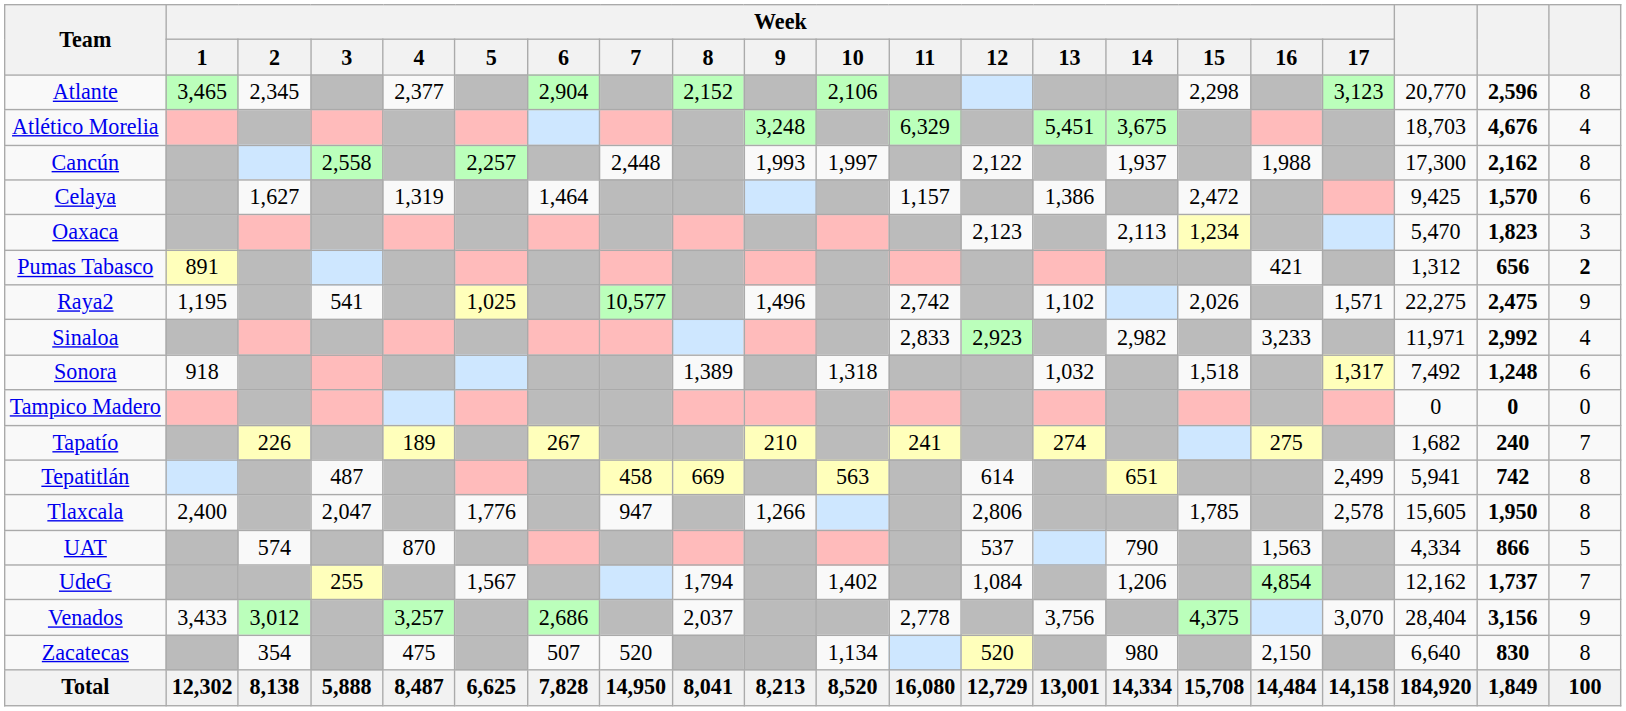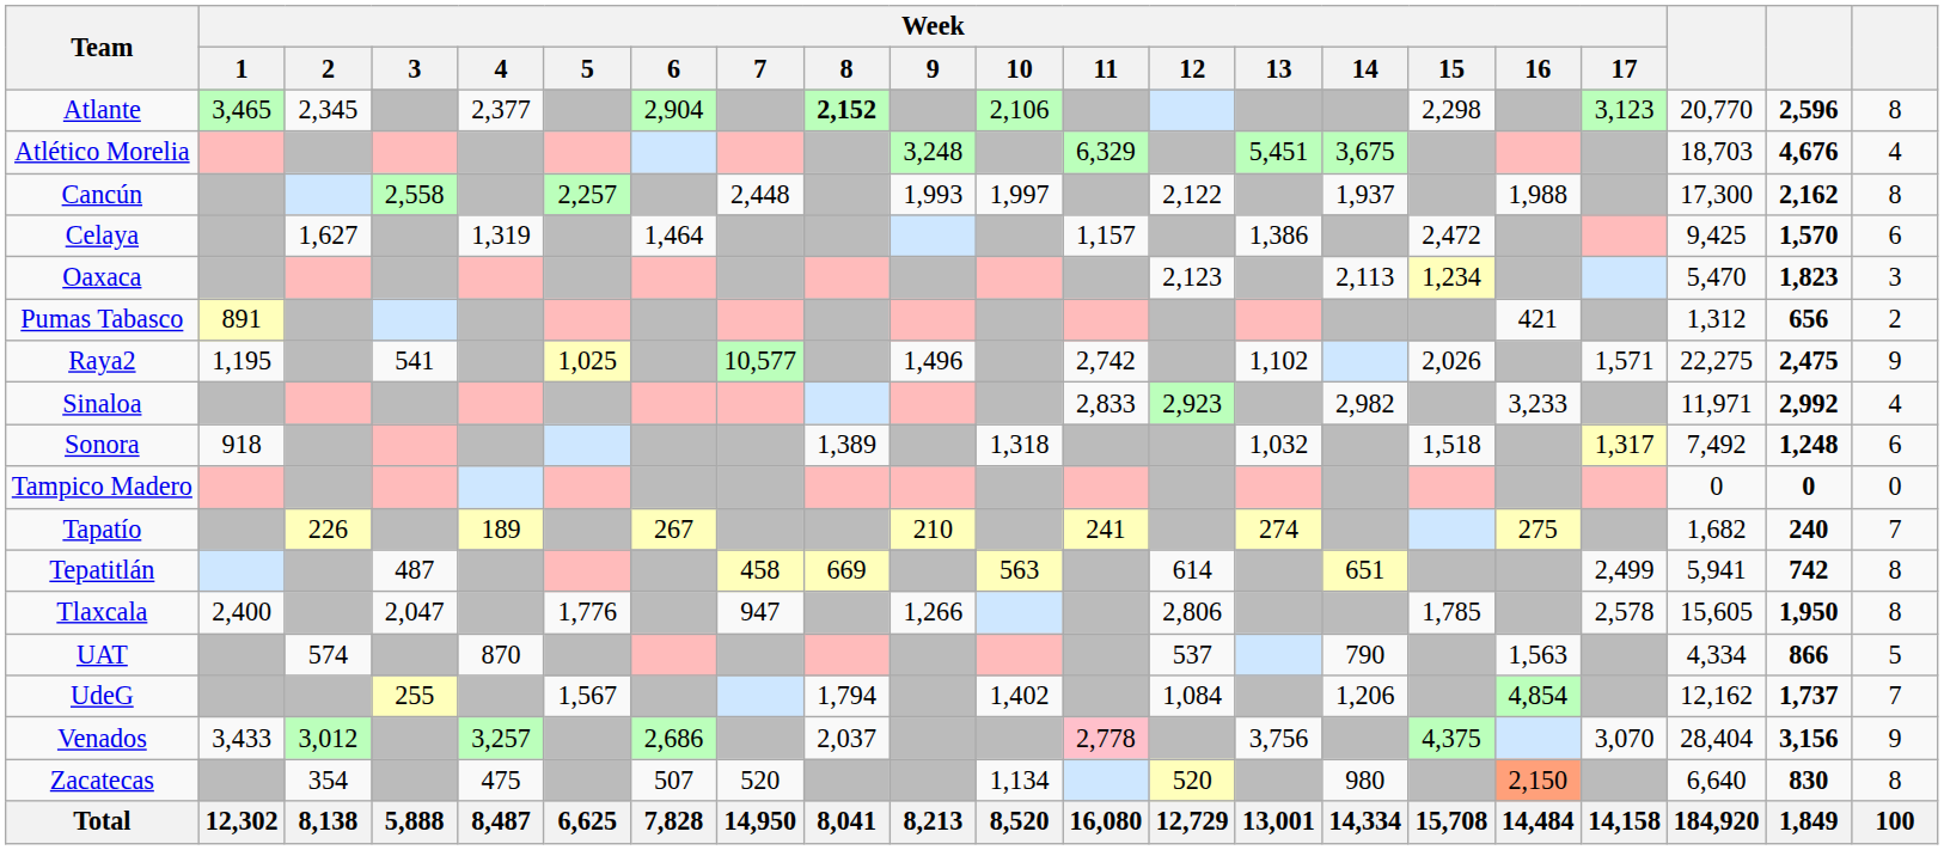 <table class="wikitable" style="text-align:center">
 <tr>
 <th colspan=1 rowspan="2">Team</th>
 <th colspan=17>Week</th>
 <th colspan=1 rowspan="2" width=45></th>
 <th colspan=1 rowspan="2" width=45></th>
 <th colspan=1 rowspan="2" width=45></th>
 </tr>
 <tr>
 <th width=45>1</th>
 <th width=45>2</th>
 <th width=45>3</th>
 <th width=45>4</th>
 <th width=45>5</th>
 <th width=45>6</th>
 <th width=45>7</th>
 <th width=45>8</th>
 <th width=45>9</th>
 <th width=45>10</th>
 <th width=45>11</th>
 <th width=45>12</th>
 <th width=45>13</th>
 <th width=45>14</th>
 <th width=45>15</th>
 <th width=45>16</th>
 <th width=45>17</th>
 </tr>
 <tr>
 <td><a href='#'>Atlante</a></td>
 <td bgcolor=#BBFFBB>3,465</td>
 <td>2,345</td>
 <td bgcolor=#BBBBBB></td>
 <td>2,377</td>
 <td bgcolor=#BBBBBB></td>
 <td bgcolor=#BBFFBB>2,904</td>
 <td bgcolor=#BBBBBB></td>
-<td bgcolor=#BBFFBB>2,152</td>
+<td bgcolor=#BBFFBB><strong>2,152</strong></td>
 <td bgcolor=#BBBBBB></td>
 <td bgcolor=#BBFFBB>2,106</td>
 <td bgcolor=#BBBBBB></td>
 <td bgcolor=#CEE7FF></td>
 <td bgcolor=#BBBBBB></td>
 <td bgcolor=#BBBBBB></td>
 <td>2,298</td>
 <td bgcolor=#BBBBBB></td>
 <td bgcolor=#BBFFBB>3,123</td>
 <td>20,770</td>
 <td><strong>2,596</strong></td>
 <td>8</td>
 </tr>
 <tr>
 <td><a href='#'>Atlético Morelia</a></td>
 <td bgcolor=#FFBBBB></td>
 <td bgcolor=#BBBBBB></td>
 <td bgcolor=#FFBBBB></td>
 <td bgcolor=#BBBBBB></td>
 <td bgcolor=#FFBBBB></td>
 <td bgcolor=#CEE7FF></td>
 <td bgcolor=#FFBBBB></td>
 <td bgcolor=#BBBBBB></td>
 <td bgcolor=#BBFFBB>3,248</td>
 <td bgcolor=#BBBBBB></td>
 <td bgcolor=#BBFFBB>6,329</td>
 <td bgcolor=#BBBBBB></td>
 <td bgcolor=#BBFFBB>5,451</td>
 <td bgcolor=#BBFFBB>3,675</td>
 <td bgcolor=#BBBBBB></td>
 <td bgcolor=#FFBBBB></td>
 <td bgcolor=#BBBBBB></td>
 <td>18,703</td>
 <td><strong>4,676</strong></td>
 <td>4</td>
 </tr>
 <tr>
 <td><a href='#'>Cancún</a></td>
 <td bgcolor=#BBBBBB></td>
 <td bgcolor=#CEE7FF></td>
 <td bgcolor=#BBFFBB>2,558</td>
 <td bgcolor=#BBBBBB></td>
 <td bgcolor=#BBFFBB>2,257</td>
 <td bgcolor=#BBBBBB></td>
 <td>2,448</td>
 <td bgcolor=#BBBBBB></td>
 <td>1,993</td>
 <td>1,997</td>
 <td bgcolor=#BBBBBB></td>
 <td>2,122</td>
 <td bgcolor=#BBBBBB></td>
 <td>1,937</td>
 <td bgcolor=#BBBBBB></td>
 <td>1,988</td>
 <td bgcolor=#BBBBBB></td>
 <td>17,300</td>
 <td><strong>2,162</strong></td>
 <td>8</td>
 </tr>
 <tr>
 <td><a href='#'>Celaya</a></td>
 <td bgcolor=#BBBBBB></td>
 <td>1,627</td>
 <td bgcolor=#BBBBBB></td>
 <td>1,319</td>
 <td bgcolor=#BBBBBB></td>
 <td>1,464</td>
 <td bgcolor=#BBBBBB></td>
 <td bgcolor=#BBBBBB></td>
 <td bgcolor=#CEE7FF></td>
 <td bgcolor=#BBBBBB></td>
 <td>1,157</td>
 <td bgcolor=#BBBBBB></td>
 <td>1,386</td>
 <td bgcolor=#BBBBBB></td>
 <td>2,472</td>
 <td bgcolor=#BBBBBB></td>
 <td bgcolor=#FFBBBB></td>
 <td>9,425</td>
 <td><strong>1,570</strong></td>
 <td>6</td>
 </tr>
 <tr>
 <td><a href='#'>Oaxaca</a></td>
 <td bgcolor=#BBBBBB></td>
 <td bgcolor=#FFBBBB></td>
 <td bgcolor=#BBBBBB></td>
 <td bgcolor=#FFBBBB></td>
 <td bgcolor=#BBBBBB></td>
 <td bgcolor=#FFBBBB></td>
 <td bgcolor=#BBBBBB></td>
 <td bgcolor=#FFBBBB></td>
 <td bgcolor=#BBBBBB></td>
 <td bgcolor=#FFBBBB></td>
 <td bgcolor=#BBBBBB></td>
 <td>2,123</td>
 <td bgcolor=#BBBBBB></td>
 <td>2,113</td>
 <td bgcolor=#FFFFBB>1,234</td>
 <td bgcolor=#BBBBBB></td>
 <td bgcolor=#CEE7FF></td>
 <td>5,470</td>
 <td><strong>1,823</strong></td>
 <td>3</td>
 </tr>
 <tr>
 <td><a href='#'>Pumas Tabasco</a></td>
 <td bgcolor=#FFFFBB>891</td>
 <td bgcolor=#BBBBBB></td>
 <td bgcolor=#CEE7FF></td>
 <td bgcolor=#BBBBBB></td>
 <td bgcolor=#FFBBBB></td>
 <td bgcolor=#BBBBBB></td>
 <td bgcolor=#FFBBBB></td>
 <td bgcolor=#BBBBBB></td>
 <td bgcolor=#FFBBBB></td>
 <td bgcolor=#BBBBBB></td>
 <td bgcolor=#FFBBBB></td>
 <td bgcolor=#BBBBBB></td>
 <td bgcolor=#FFBBBB></td>
 <td bgcolor=#BBBBBB></td>
 <td bgcolor=#BBBBBB></td>
 <td>421</td>
 <td bgcolor=#BBBBBB></td>
 <td>1,312</td>
 <td><strong>656</strong></td>
-<td><strong>2</strong></td>
+<td>2</td>
 </tr>
 <tr>
 <td><a href='#'>Raya2</a></td>
 <td>1,195</td>
 <td bgcolor=#BBBBBB></td>
 <td>541</td>
 <td bgcolor=#BBBBBB></td>
 <td bgcolor=#FFFFBB>1,025</td>
 <td bgcolor=#BBBBBB></td>
 <td bgcolor=#BBFFBB>10,577</td>
 <td bgcolor=#BBBBBB></td>
 <td>1,496</td>
 <td bgcolor=#BBBBBB></td>
 <td>2,742</td>
 <td bgcolor=#BBBBBB></td>
 <td>1,102</td>
 <td bgcolor=#CEE7FF></td>
 <td>2,026</td>
 <td bgcolor=#BBBBBB></td>
 <td>1,571</td>
 <td>22,275</td>
 <td><strong>2,475</strong></td>
 <td>9</td>
 </tr>
 <tr>
 <td><a href='#'>Sinaloa</a></td>
 <td bgcolor=#BBBBBB></td>
 <td bgcolor=#FFBBBB></td>
 <td bgcolor=#BBBBBB></td>
 <td bgcolor=#FFBBBB></td>
 <td bgcolor=#BBBBBB></td>
 <td bgcolor=#FFBBBB></td>
 <td bgcolor=#FFBBBB></td>
 <td bgcolor=#CEE7FF></td>
 <td bgcolor=#FFBBBB></td>
 <td bgcolor=#BBBBBB></td>
 <td>2,833</td>
 <td bgcolor=#BBFFBB>2,923</td>
 <td bgcolor=#BBBBBB></td>
 <td>2,982</td>
 <td bgcolor=#BBBBBB></td>
 <td>3,233</td>
 <td bgcolor=#BBBBBB></td>
 <td>11,971</td>
 <td><strong>2,992</strong></td>
 <td>4</td>
 </tr>
 <tr>
 <td><a href='#'>Sonora</a></td>
 <td>918</td>
 <td bgcolor=#BBBBBB></td>
 <td bgcolor=#FFBBBB></td>
 <td bgcolor=#BBBBBB></td>
 <td bgcolor=#CEE7FF></td>
 <td bgcolor=#BBBBBB></td>
 <td bgcolor=#BBBBBB></td>
 <td>1,389</td>
 <td bgcolor=#BBBBBB></td>
 <td>1,318</td>
 <td bgcolor=#BBBBBB></td>
 <td bgcolor=#BBBBBB></td>
 <td>1,032</td>
 <td bgcolor=#BBBBBB></td>
 <td>1,518</td>
 <td bgcolor=#BBBBBB></td>
 <td bgcolor=#FFFFBB>1,317</td>
 <td>7,492</td>
 <td><strong>1,248</strong></td>
 <td>6</td>
 </tr>
 <tr>
 <td><a href='#'>Tampico Madero</a></td>
 <td bgcolor=#FFBBBB></td>
 <td bgcolor=#BBBBBB></td>
 <td bgcolor=#FFBBBB></td>
 <td bgcolor=#CEE7FF></td>
 <td bgcolor=#FFBBBB></td>
 <td bgcolor=#BBBBBB></td>
 <td bgcolor=#BBBBBB></td>
 <td bgcolor=#FFBBBB></td>
 <td bgcolor=#FFBBBB></td>
 <td bgcolor=#BBBBBB></td>
 <td bgcolor=#FFBBBB></td>
 <td bgcolor=#BBBBBB></td>
 <td bgcolor=#FFBBBB></td>
 <td bgcolor=#BBBBBB></td>
 <td bgcolor=#FFBBBB></td>
 <td bgcolor=#BBBBBB></td>
 <td bgcolor=#FFBBBB></td>
 <td>0</td>
 <td><strong>0</strong></td>
 <td>0</td>
 </tr>
 <tr>
 <td><a href='#'>Tapatío</a></td>
 <td bgcolor=#BBBBBB></td>
 <td bgcolor=#FFFFBB>226</td>
 <td bgcolor=#BBBBBB></td>
 <td bgcolor=#FFFFBB>189</td>
 <td bgcolor=#BBBBBB></td>
 <td bgcolor=#FFFFBB>267</td>
 <td bgcolor=#BBBBBB></td>
 <td bgcolor=#BBBBBB></td>
 <td bgcolor=#FFFFBB>210</td>
 <td bgcolor=#BBBBBB></td>
 <td bgcolor=#FFFFBB>241</td>
 <td bgcolor=#BBBBBB></td>
 <td bgcolor=#FFFFBB>274</td>
 <td bgcolor=#BBBBBB></td>
 <td bgcolor=#CEE7FF></td>
 <td bgcolor=#FFFFBB>275</td>
 <td bgcolor=#BBBBBB></td>
 <td>1,682</td>
 <td><strong>240</strong></td>
 <td>7</td>
 </tr>
 <tr>
 <td><a href='#'>Tepatitlán</a></td>
 <td bgcolor=#CEE7FF></td>
 <td bgcolor=#BBBBBB></td>
 <td>487</td>
 <td bgcolor=#BBBBBB></td>
 <td bgcolor=#FFBBBB></td>
 <td bgcolor=#BBBBBB></td>
 <td bgcolor=#FFFFBB>458</td>
 <td bgcolor=#FFFFBB>669</td>
 <td bgcolor=#BBBBBB></td>
 <td bgcolor=#FFFFBB>563</td>
 <td bgcolor=#BBBBBB></td>
 <td>614</td>
 <td bgcolor=#BBBBBB></td>
 <td bgcolor=#FFFFBB>651</td>
 <td bgcolor=#BBBBBB></td>
 <td bgcolor=#BBBBBB></td>
 <td>2,499</td>
 <td>5,941</td>
 <td><strong>742</strong></td>
 <td>8</td>
 </tr>
 <tr>
 <td><a href='#'>Tlaxcala</a></td>
 <td>2,400</td>
 <td bgcolor=#BBBBBB></td>
 <td>2,047</td>
 <td bgcolor=#BBBBBB></td>
 <td>1,776</td>
 <td bgcolor=#BBBBBB></td>
 <td>947</td>
 <td bgcolor=#BBBBBB></td>
 <td>1,266</td>
 <td bgcolor=#CEE7FF></td>
 <td bgcolor=#BBBBBB></td>
 <td>2,806</td>
 <td bgcolor=#BBBBBB></td>
 <td bgcolor=#BBBBBB></td>
 <td>1,785</td>
 <td bgcolor=#BBBBBB></td>
 <td>2,578</td>
 <td>15,605</td>
 <td><strong>1,950</strong></td>
 <td>8</td>
 </tr>
 <tr>
 <td><a href='#'>UAT</a></td>
 <td bgcolor=#BBBBBB></td>
 <td>574</td>
 <td bgcolor=#BBBBBB></td>
 <td>870</td>
 <td bgcolor=#BBBBBB></td>
 <td bgcolor=#FFBBBB></td>
 <td bgcolor=#BBBBBB></td>
 <td bgcolor=#FFBBBB></td>
 <td bgcolor=#BBBBBB></td>
 <td bgcolor=#FFBBBB></td>
 <td bgcolor=#BBBBBB></td>
 <td>537</td>
 <td bgcolor=#CEE7FF></td>
 <td>790</td>
 <td bgcolor=#BBBBBB></td>
 <td>1,563</td>
 <td bgcolor=#BBBBBB></td>
 <td>4,334</td>
 <td><strong>866</strong></td>
 <td>5</td>
 </tr>
 <tr>
 <td><a href='#'>UdeG</a></td>
 <td bgcolor=#BBBBBB></td>
 <td bgcolor=#BBBBBB></td>
 <td bgcolor=#FFFFBB>255</td>
 <td bgcolor=#BBBBBB></td>
 <td>1,567</td>
 <td bgcolor=#BBBBBB></td>
 <td bgcolor=#CEE7FF></td>
 <td>1,794</td>
 <td bgcolor=#BBBBBB></td>
 <td>1,402</td>
 <td bgcolor=#BBBBBB></td>
 <td>1,084</td>
 <td bgcolor=#BBBBBB></td>
 <td>1,206</td>
 <td bgcolor=#BBBBBB></td>
 <td bgcolor=#BBFFBB>4,854</td>
 <td bgcolor=#BBBBBB></td>
 <td>12,162</td>
 <td><strong>1,737</strong></td>
 <td>7</td>
 </tr>
 <tr>
 <td><a href='#'>Venados</a></td>
 <td>3,433</td>
 <td bgcolor=#BBFFBB>3,012</td>
 <td bgcolor=#BBBBBB></td>
 <td bgcolor=#BBFFBB>3,257</td>
 <td bgcolor=#BBBBBB></td>
 <td bgcolor=#BBFFBB>2,686</td>
 <td bgcolor=#BBBBBB></td>
 <td>2,037</td>
 <td bgcolor=#BBBBBB></td>
 <td bgcolor=#BBBBBB></td>
-<td>2,778</td>
+<td style="background: pink;">2,778</td>
 <td bgcolor=#BBBBBB></td>
 <td>3,756</td>
 <td bgcolor=#BBBBBB></td>
 <td bgcolor=#BBFFBB>4,375</td>
 <td bgcolor=#CEE7FF></td>
 <td>3,070</td>
 <td>28,404</td>
 <td><strong>3,156</strong></td>
 <td>9</td>
 </tr>
 <tr>
 <td><a href='#'>Zacatecas</a></td>
 <td bgcolor=#BBBBBB></td>
 <td>354</td>
 <td bgcolor=#BBBBBB></td>
 <td>475</td>
 <td bgcolor=#BBBBBB></td>
 <td>507</td>
 <td>520</td>
 <td bgcolor=#BBBBBB></td>
 <td bgcolor=#BBBBBB></td>
 <td>1,134</td>
 <td bgcolor=#CEE7FF></td>
 <td bgcolor=#FFFFBB>520</td>
 <td bgcolor=#BBBBBB></td>
 <td>980</td>
 <td bgcolor=#BBBBBB></td>
-<td>2,150</td>
+<td style="background: lightsalmon;">2,150</td>
 <td bgcolor=#BBBBBB></td>
 <td>6,640</td>
 <td><strong>830</strong></td>
 <td>8</td>
 </tr>
 <tr>
 <th align=center>Total</th>
 <th>12,302</th>
 <th>8,138</th>
 <th>5,888</th>
 <th>8,487</th>
 <th>6,625</th>
 <th>7,828</th>
 <th>14,950</th>
 <th>8,041</th>
 <th>8,213</th>
 <th>8,520</th>
 <th>16,080</th>
 <th>12,729</th>
 <th>13,001</th>
 <th>14,334</th>
 <th>15,708</th>
 <th>14,484</th>
 <th>14,158</th>
 <th>184,920</th>
 <th>1,849</th>
 <th>100</th>
 </tr>
 </table>
